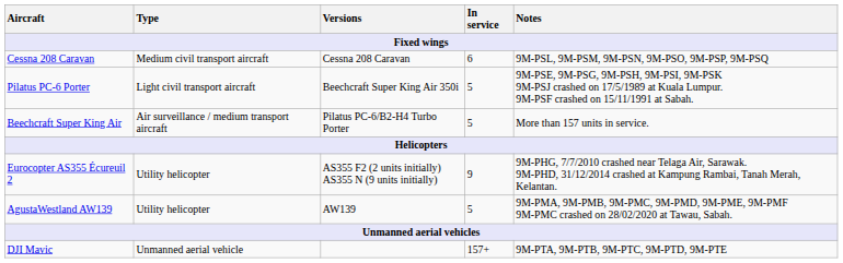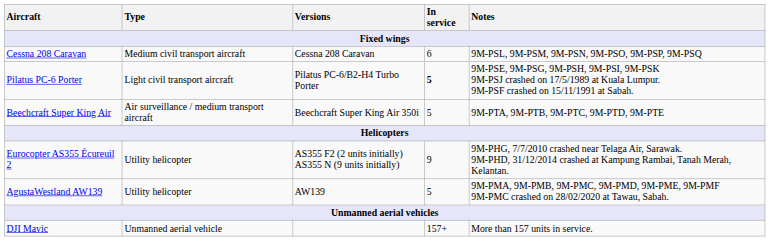 <table class="wikitable">
 <tr>
 <th style="text-align: left;">Aircraft</th>
 <th style="text-align: left;">Type</th>
 <th style="text-align: left;">Versions</th>
 <th style="text-align: left;">In service</th>
 <th style="text-align: left;">Notes</th>
 </tr>
 <tr>
 <th style="align: center; background: lavender;" colspan="7">Fixed wings</th>
 </tr>
 <tr>
 <td><a href='#'>Cessna 208 Caravan</a></td>
 <td>Medium civil transport aircraft</td>
 <td>Cessna 208 Caravan</td>
 <td>6</td>
 <td>9M-PSL, 9M-PSM, 9M-PSN, 9M-PSO, 9M-PSP, 9M-PSQ</td>
 </tr>
 <tr>
 <td><a href='#'>Pilatus PC-6 Porter</a></td>
 <td>Light civil transport aircraft</td>
-<td>Beechcraft Super King Air 350i</td>
-<td>5</td>
+<td>Pilatus PC-6/B2-H4 Turbo Porter</td>
+<td><strong>5</strong></td>
 <td>9M-PSE, 9M-PSG, 9M-PSH, 9M-PSI, 9M-PSK<br>9M-PSJ crashed on 17/5/1989 at Kuala Lumpur.<br>9M-PSF crashed on 15/11/1991 at Sabah.</td>
 </tr>
 <tr>
 <td><a href='#'>Beechcraft Super King Air</a></td>
 <td>Air surveillance / medium transport aircraft</td>
-<td>Pilatus PC-6/B2-H4 Turbo Porter</td>
+<td>Beechcraft Super King Air 350i</td>
 <td>5</td>
-<td>More than 157 units in service.</td>
+<td>9M-PTA, 9M-PTB, 9M-PTC, 9M-PTD, 9M-PTE</td>
 </tr>
 <tr>
 <th style="align: center; background: lavender;" colspan="7">Helicopters</th>
 </tr>
 <tr>
 <td><a href='#'>Eurocopter AS355 Écureuil 2</a></td>
 <td>Utility helicopter</td>
 <td>AS355 F2 (2 units initially)<br>AS355 N (9 units initially)</td>
 <td>9</td>
 <td>9M-PHG, 7/7/2010 crashed near Telaga Air, Sarawak.<br>9M-PHD, 31/12/2014 crashed at Kampung Rambai, Tanah Merah, Kelantan.</td>
 </tr>
 <tr>
 <td><a href='#'>AgustaWestland AW139</a></td>
 <td>Utility helicopter</td>
 <td>AW139</td>
 <td>5</td>
 <td>9M-PMA, 9M-PMB, 9M-PMC, 9M-PMD, 9M-PME, 9M-PMF<br>9M-PMC crashed on 28/02/2020 at Tawau, Sabah.</td>
 </tr>
 <tr>
 <th style="align: center; background: lavender;" colspan="7">Unmanned aerial vehicles</th>
 </tr>
 <tr>
 <td><a href='#'>DJI Mavic</a></td>
 <td>Unmanned aerial vehicle</td>
 <td></td>
 <td>157+</td>
-<td>9M-PTA, 9M-PTB, 9M-PTC, 9M-PTD, 9M-PTE</td>
+<td>More than 157 units in service.</td>
 </tr>
 </table>
